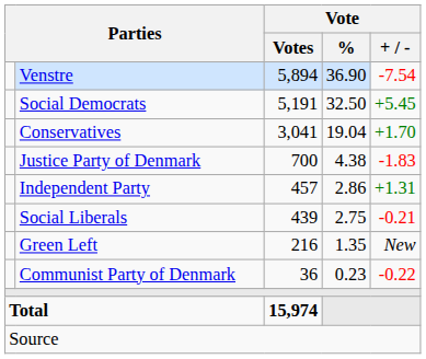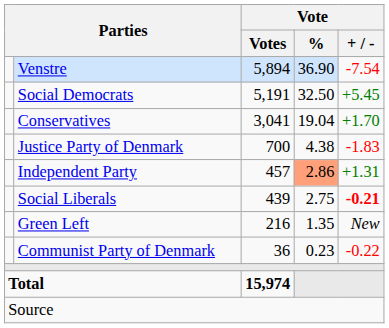 <table class="wikitable" style="text-align:right;">
 <tr>
 <th style="text-align:centre;" rowspan="2" colspan="2" width="225">Parties</th>
 <th colspan="3">Vote</th>
 </tr>
 <tr>
 <th width="15">Votes</th>
 <th width="15">%</th>
 <th width="15">+ / -</th>
 </tr>
 <tr>
 <td width="2" style="color:inherit;background:"></td>
 <td bgcolor=#cfe5fe  align="left"><a href='#'>Venstre</a></td>
 <td bgcolor=#cfe5fe>5,894</td>
 <td bgcolor=#cfe5fe>36.90</td>
 <td style=color:red;>-7.54</td>
 </tr>
 <tr>
 <td width="2" style="color:inherit;background:"></td>
 <td align="left"><a href='#'>Social Democrats</a></td>
 <td>5,191</td>
 <td>32.50</td>
 <td style=color:green;>+5.45</td>
 </tr>
 <tr>
 <td width="2" style="color:inherit;background:"></td>
 <td align="left"><a href='#'>Conservatives</a></td>
 <td>3,041</td>
 <td>19.04</td>
 <td style=color:green;>+1.70</td>
 </tr>
 <tr>
 <td width="2" style="color:inherit;background:"></td>
 <td align="left"><a href='#'>Justice Party of Denmark</a></td>
 <td>700</td>
 <td>4.38</td>
 <td style=color:red;>-1.83</td>
 </tr>
 <tr>
 <td width="2" style="color:inherit;background:"></td>
 <td align="left"><a href='#'>Independent Party</a></td>
 <td>457</td>
-<td>2.86</td>
+<td style="background: lightsalmon;">2.86</td>
 <td style=color:green;>+1.31</td>
 </tr>
 <tr>
 <td width="2" style="color:inherit;background:"></td>
 <td align="left"><a href='#'>Social Liberals</a></td>
 <td>439</td>
 <td>2.75</td>
-<td style=color:red;>-0.21</td>
+<td style=color:red;><strong>-0.21</strong></td>
 </tr>
 <tr>
 <td width="2" style="color:inherit;background:"></td>
 <td align="left"><a href='#'>Green Left</a></td>
 <td>216</td>
 <td>1.35</td>
 <td><em>New</em></td>
 </tr>
 <tr>
 <td width="2" style="color:inherit;background:"></td>
 <td align="left"><a href='#'>Communist Party of Denmark</a></td>
 <td>36</td>
 <td>0.23</td>
 <td style=color:red;>-0.22</td>
 </tr>
 <tr>
 <td colspan="7" bgcolor="#E9E9E9"></td>
 </tr>
 <tr>
 <td align="left" colspan="2"><strong>Total</strong></td>
 <td><strong>15,974</strong></td>
 <td bgcolor="#E9E9E9" colspan="2"></td>
 </tr>
 <tr>
 <td align="left" colspan="6">Source</td>
 </tr>
 </table>
